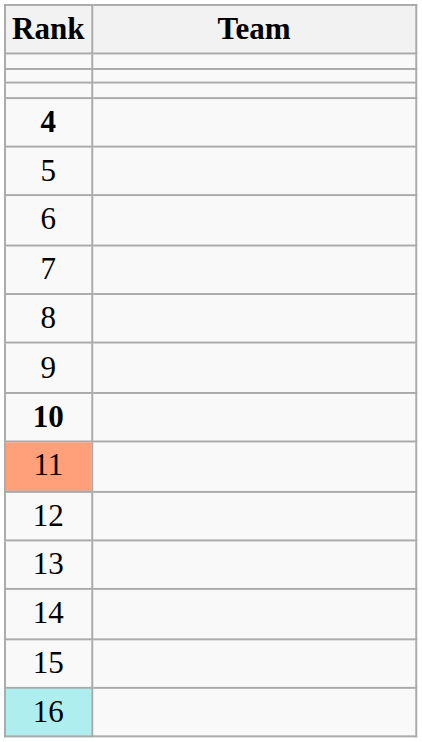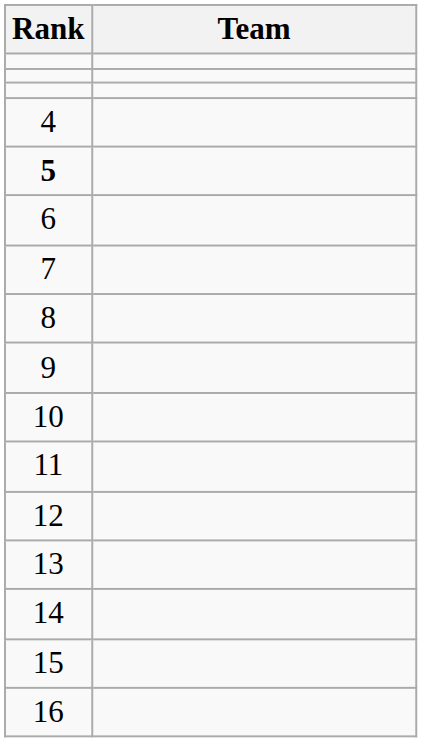 <table class=wikitable style="text-align:center;">
 <tr>
 <th>Rank</th>
 <th width=160>Team</th>
 </tr>
 <tr>
 <td></td>
 <td align=left></td>
 </tr>
 <tr>
 <td></td>
 <td align=left></td>
 </tr>
 <tr>
 <td></td>
 <td align=left></td>
 </tr>
 <tr>
-<td><strong>4</strong></td>
+<td>4</td>
 <td align=left></td>
 </tr>
 <tr>
-<td>5</td>
+<td><strong>5</strong></td>
 <td align=left></td>
 </tr>
 <tr>
 <td>6</td>
 <td align=left></td>
 </tr>
 <tr>
 <td>7</td>
 <td align=left></td>
 </tr>
 <tr>
 <td>8</td>
 <td align=left></td>
 </tr>
 <tr>
 <td>9</td>
 <td align=left></td>
 </tr>
 <tr>
-<td><strong>10</strong></td>
+<td>10</td>
 <td align=left></td>
 </tr>
 <tr>
-<td style="background: lightsalmon;">11</td>
+<td>11</td>
 <td align=left></td>
 </tr>
 <tr>
 <td>12</td>
 <td align=left></td>
 </tr>
 <tr>
 <td>13</td>
 <td align=left></td>
 </tr>
 <tr>
 <td>14</td>
 <td align=left></td>
 </tr>
 <tr>
 <td>15</td>
 <td align=left></td>
 </tr>
 <tr>
-<td style="background: paleturquoise;">16</td>
+<td>16</td>
 <td align=left></td>
 </tr>
 </table>
